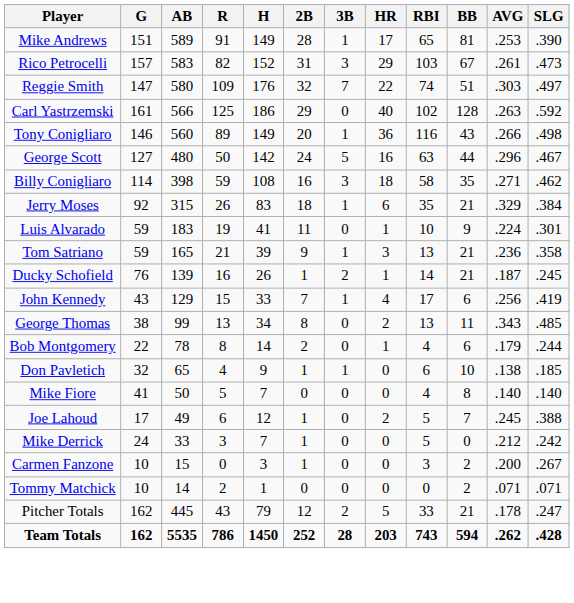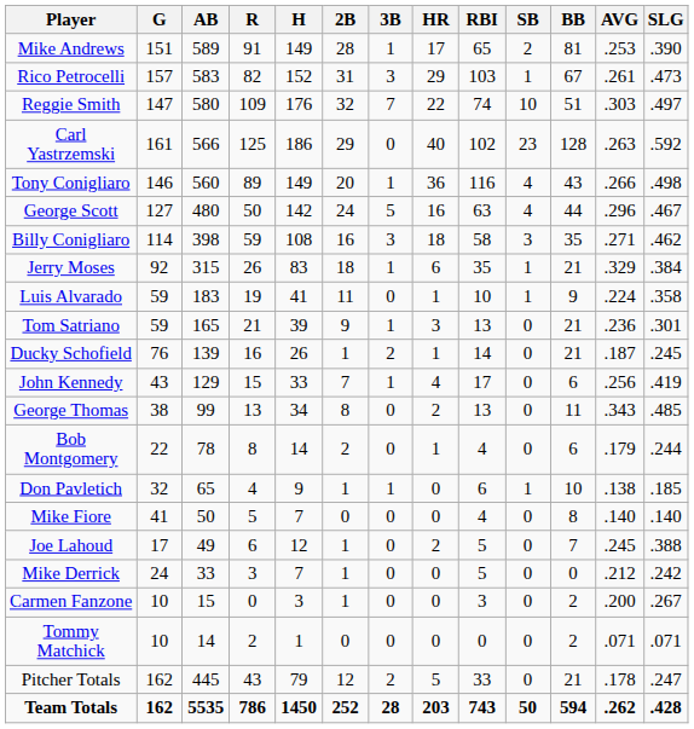 <table class=wikitable style="text-align:center">
 <tr>
 <th bgcolor=#DDDDFF; width="20%">Player</th>
 <th bgcolor=#DDDDFF; width="7%">G</th>
 <th bgcolor=#DDDDFF; width="7%">AB</th>
 <th bgcolor=#DDDDFF; width="7%">R</th>
 <th bgcolor=#DDDDFF; width="7%">H</th>
 <th bgcolor=#DDDDFF; width="7%">2B</th>
 <th bgcolor=#DDDDFF; width="7%">3B</th>
 <th bgcolor=#DDDDFF; width="7%">HR</th>
 <th bgcolor=#DDDDFF; width="7%">RBI</th>
+<th bgcolor=#DDDDFF; width="7%">SB</th>
 <th bgcolor=#DDDDFF; width="7%">BB</th>
 <th bgcolor=#DDDDFF; width="7%'">AVG</th>
 <th bgcolor=#DDDDFF; width="7%">SLG</th>
 </tr>
 <tr>
 <td><a href='#'>Mike Andrews</a></td>
 <td>151</td>
 <td>589</td>
 <td>91</td>
 <td>149</td>
 <td>28</td>
 <td>1</td>
 <td>17</td>
 <td>65</td>
+<td>2</td>
 <td>81</td>
 <td>.253</td>
 <td>.390</td>
 </tr>
 <tr>
 <td><a href='#'>Rico Petrocelli</a></td>
 <td>157</td>
 <td>583</td>
 <td>82</td>
 <td>152</td>
 <td>31</td>
 <td>3</td>
 <td>29</td>
 <td>103</td>
+<td>1</td>
 <td>67</td>
 <td>.261</td>
 <td>.473</td>
 </tr>
 <tr>
 <td><a href='#'>Reggie Smith</a></td>
 <td>147</td>
 <td>580</td>
 <td>109</td>
 <td>176</td>
 <td>32</td>
 <td>7</td>
 <td>22</td>
 <td>74</td>
+<td>10</td>
 <td>51</td>
 <td>.303</td>
 <td>.497</td>
 </tr>
 <tr>
 <td><a href='#'>Carl Yastrzemski</a></td>
 <td>161</td>
 <td>566</td>
 <td>125</td>
 <td>186</td>
 <td>29</td>
 <td>0</td>
 <td>40</td>
 <td>102</td>
+<td>23</td>
 <td>128</td>
 <td>.263</td>
 <td>.592</td>
 </tr>
 <tr>
 <td><a href='#'>Tony Conigliaro</a></td>
 <td>146</td>
 <td>560</td>
 <td>89</td>
 <td>149</td>
 <td>20</td>
 <td>1</td>
 <td>36</td>
 <td>116</td>
+<td>4</td>
 <td>43</td>
 <td>.266</td>
 <td>.498</td>
 </tr>
 <tr>
 <td><a href='#'>George Scott</a></td>
 <td>127</td>
 <td>480</td>
 <td>50</td>
 <td>142</td>
 <td>24</td>
 <td>5</td>
 <td>16</td>
 <td>63</td>
+<td>4</td>
 <td>44</td>
 <td>.296</td>
 <td>.467</td>
 </tr>
 <tr>
 <td><a href='#'>Billy Conigliaro</a></td>
 <td>114</td>
 <td>398</td>
 <td>59</td>
 <td>108</td>
 <td>16</td>
 <td>3</td>
 <td>18</td>
 <td>58</td>
+<td>3</td>
 <td>35</td>
 <td>.271</td>
 <td>.462</td>
 </tr>
 <tr>
 <td><a href='#'>Jerry Moses</a></td>
 <td>92</td>
 <td>315</td>
 <td>26</td>
 <td>83</td>
 <td>18</td>
 <td>1</td>
 <td>6</td>
 <td>35</td>
+<td>1</td>
 <td>21</td>
 <td>.329</td>
 <td>.384</td>
 </tr>
 <tr>
 <td><a href='#'>Luis Alvarado</a></td>
 <td>59</td>
 <td>183</td>
 <td>19</td>
 <td>41</td>
 <td>11</td>
 <td>0</td>
 <td>1</td>
 <td>10</td>
+<td>1</td>
 <td>9</td>
 <td>.224</td>
-<td>.301</td>
+<td>.358</td>
 </tr>
 <tr>
 <td><a href='#'>Tom Satriano</a></td>
 <td>59</td>
 <td>165</td>
 <td>21</td>
 <td>39</td>
 <td>9</td>
 <td>1</td>
 <td>3</td>
 <td>13</td>
+<td>0</td>
 <td>21</td>
 <td>.236</td>
-<td>.358</td>
+<td>.301</td>
 </tr>
 <tr>
 <td><a href='#'>Ducky Schofield</a></td>
 <td>76</td>
 <td>139</td>
 <td>16</td>
 <td>26</td>
 <td>1</td>
 <td>2</td>
 <td>1</td>
 <td>14</td>
+<td>0</td>
 <td>21</td>
 <td>.187</td>
 <td>.245</td>
 </tr>
 <tr>
 <td><a href='#'>John Kennedy</a></td>
 <td>43</td>
 <td>129</td>
 <td>15</td>
 <td>33</td>
 <td>7</td>
 <td>1</td>
 <td>4</td>
 <td>17</td>
+<td>0</td>
 <td>6</td>
 <td>.256</td>
 <td>.419</td>
 </tr>
 <tr>
 <td><a href='#'>George Thomas</a></td>
 <td>38</td>
 <td>99</td>
 <td>13</td>
 <td>34</td>
 <td>8</td>
 <td>0</td>
 <td>2</td>
 <td>13</td>
+<td>0</td>
 <td>11</td>
 <td>.343</td>
 <td>.485</td>
 </tr>
 <tr>
 <td><a href='#'>Bob Montgomery</a></td>
 <td>22</td>
 <td>78</td>
 <td>8</td>
 <td>14</td>
 <td>2</td>
 <td>0</td>
 <td>1</td>
 <td>4</td>
+<td>0</td>
 <td>6</td>
 <td>.179</td>
 <td>.244</td>
 </tr>
 <tr>
 <td><a href='#'>Don Pavletich</a></td>
 <td>32</td>
 <td>65</td>
 <td>4</td>
 <td>9</td>
 <td>1</td>
 <td>1</td>
 <td>0</td>
 <td>6</td>
+<td>1</td>
 <td>10</td>
 <td>.138</td>
 <td>.185</td>
 </tr>
 <tr>
 <td><a href='#'>Mike Fiore</a></td>
 <td>41</td>
 <td>50</td>
 <td>5</td>
 <td>7</td>
 <td>0</td>
 <td>0</td>
 <td>0</td>
 <td>4</td>
+<td>0</td>
 <td>8</td>
 <td>.140</td>
 <td>.140</td>
 </tr>
 <tr>
 <td><a href='#'>Joe Lahoud</a></td>
 <td>17</td>
 <td>49</td>
 <td>6</td>
 <td>12</td>
 <td>1</td>
 <td>0</td>
 <td>2</td>
 <td>5</td>
+<td>0</td>
 <td>7</td>
 <td>.245</td>
 <td>.388</td>
 </tr>
 <tr>
 <td><a href='#'>Mike Derrick</a></td>
 <td>24</td>
 <td>33</td>
 <td>3</td>
 <td>7</td>
 <td>1</td>
 <td>0</td>
 <td>0</td>
 <td>5</td>
 <td>0</td>
+<td>0</td>
 <td>.212</td>
 <td>.242</td>
 </tr>
 <tr>
 <td><a href='#'>Carmen Fanzone</a></td>
 <td>10</td>
 <td>15</td>
 <td>0</td>
 <td>3</td>
 <td>1</td>
 <td>0</td>
 <td>0</td>
 <td>3</td>
+<td>0</td>
 <td>2</td>
 <td>.200</td>
 <td>.267</td>
 </tr>
 <tr>
 <td><a href='#'>Tommy Matchick</a></td>
 <td>10</td>
 <td>14</td>
 <td>2</td>
 <td>1</td>
+<td>0</td>
 <td>0</td>
 <td>0</td>
 <td>0</td>
 <td>0</td>
 <td>2</td>
 <td>.071</td>
 <td>.071</td>
 </tr>
 <tr>
 <td>Pitcher Totals</td>
 <td>162</td>
 <td>445</td>
 <td>43</td>
 <td>79</td>
 <td>12</td>
 <td>2</td>
 <td>5</td>
 <td>33</td>
+<td>0</td>
 <td>21</td>
 <td>.178</td>
 <td>.247</td>
 </tr>
 <tr>
 <td><strong>Team Totals</strong></td>
 <td><strong>162</strong></td>
 <td><strong>5535</strong></td>
 <td><strong>786</strong></td>
 <td><strong>1450</strong></td>
 <td><strong>252</strong></td>
 <td><strong>28</strong></td>
 <td><strong>203</strong></td>
 <td><strong>743</strong></td>
+<td><strong>50</strong></td>
 <td><strong>594</strong></td>
 <td><strong>.262</strong></td>
 <td><strong>.428</strong></td>
 </tr>
 </table>
